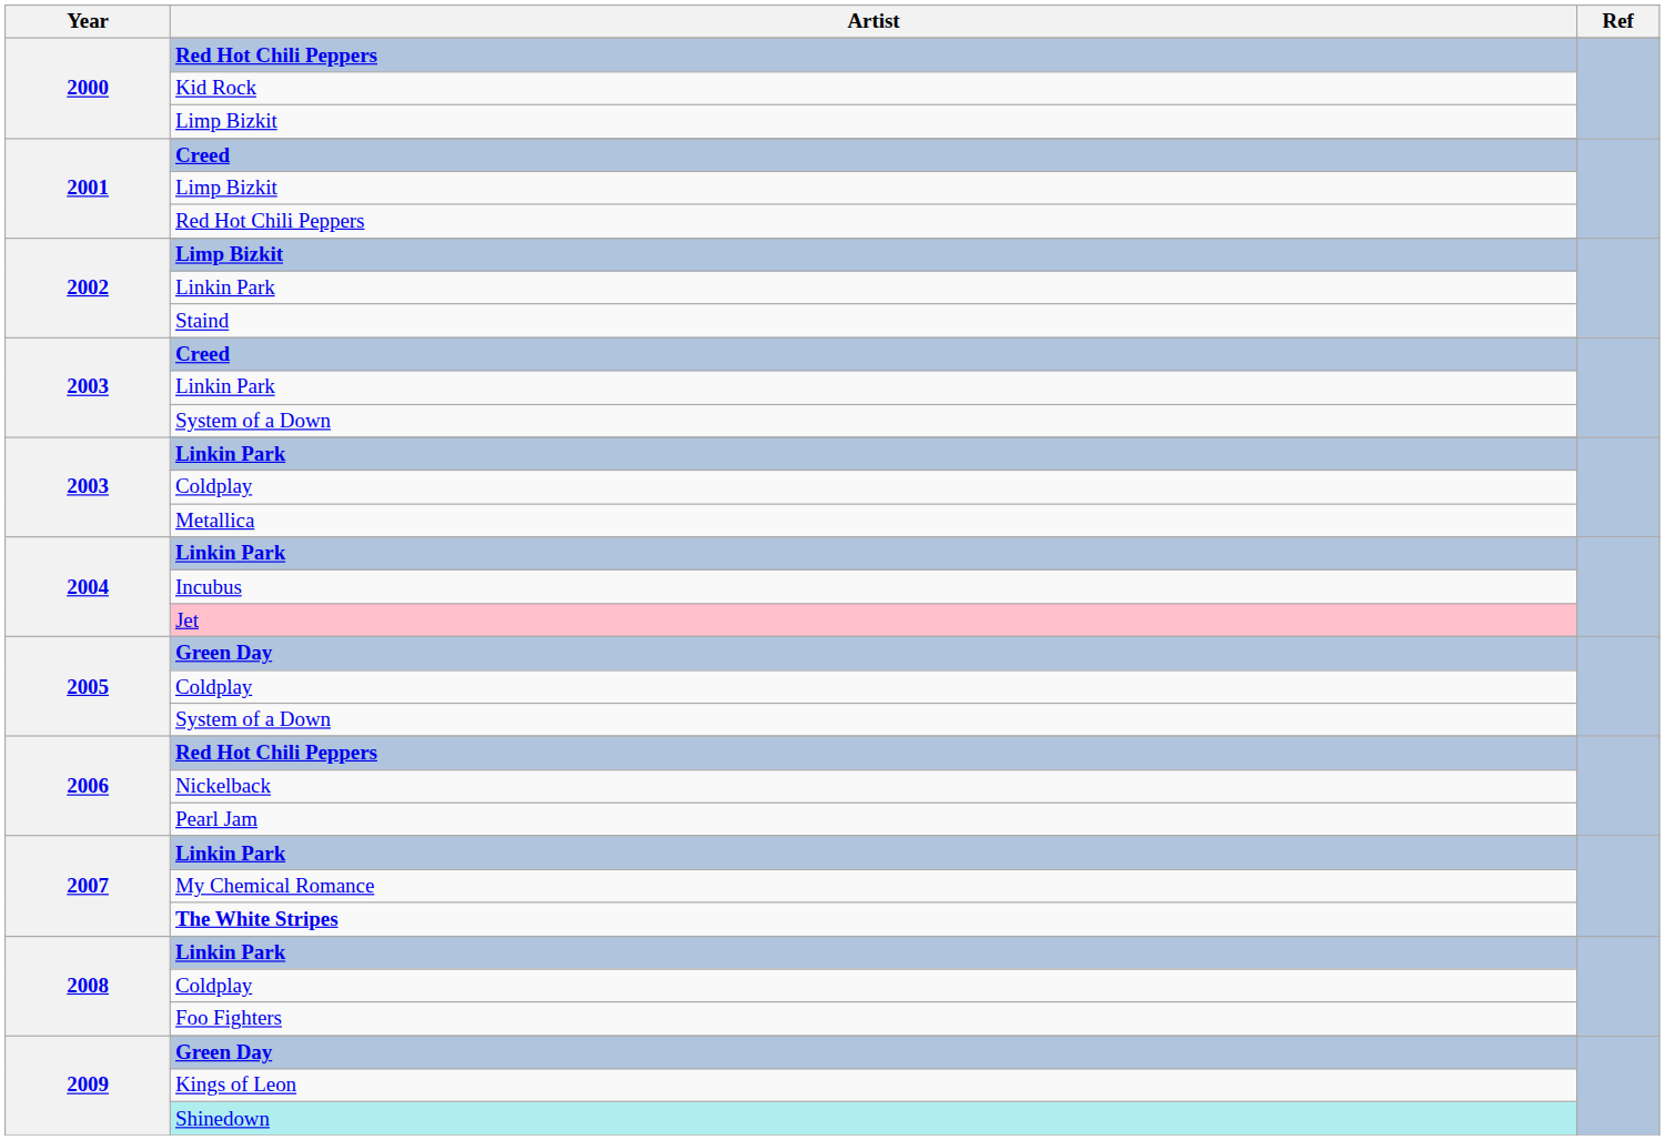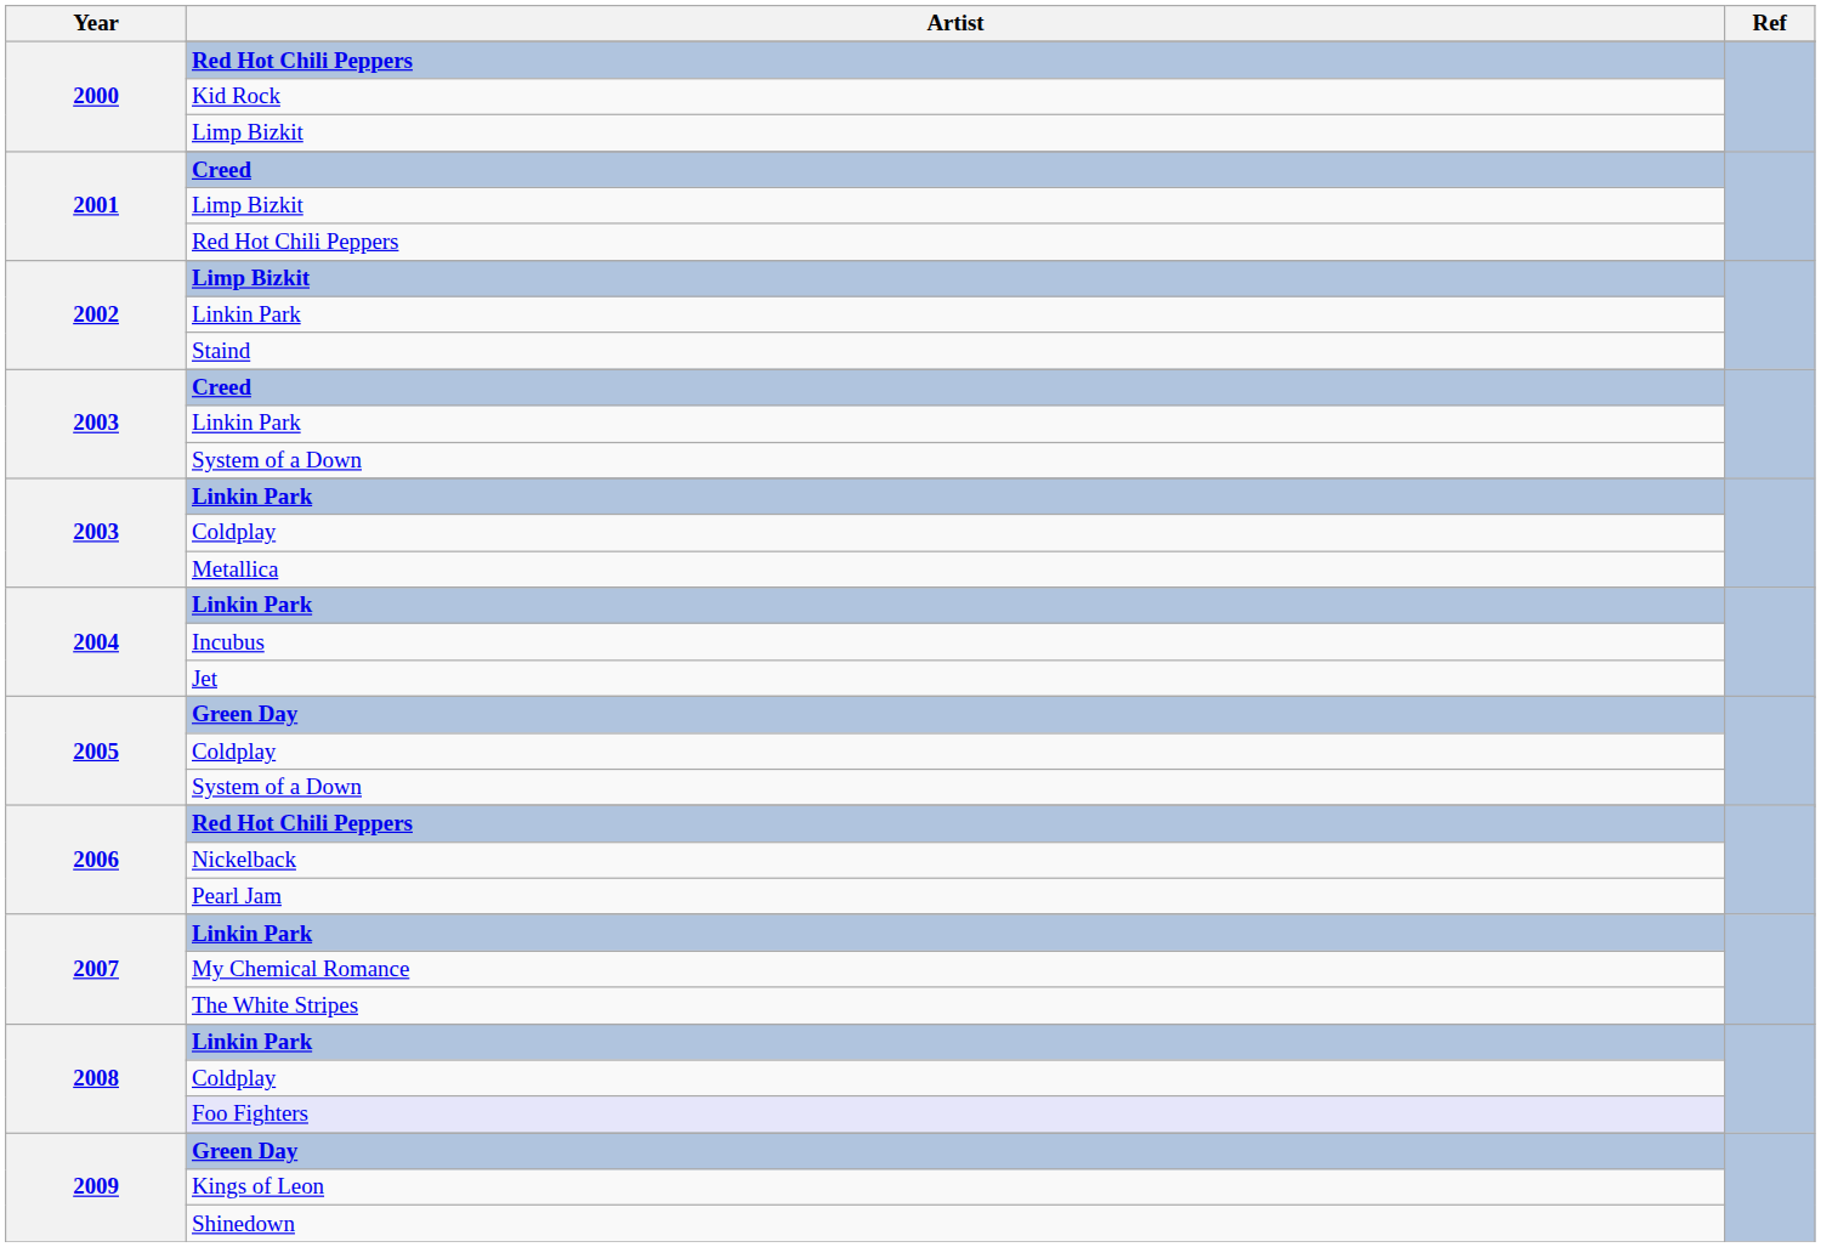 <table class="wikitable" width="100%">
 <tr>
 <th width="10%">Year</th>
 <th width="85%">Artist</th>
 <th width="5%">Ref</th>
 </tr>
 <tr>
 <th rowspan="4" align="center"><a href='#'>2000<br></a></th>
 </tr>
 <tr style="background:#B0C4DE">
 <td><strong><a href='#'>Red Hot Chili Peppers</a></strong></td>
 <td rowspan="4" align="center"></td>
 </tr>
 <tr>
 <td><a href='#'>Kid Rock</a></td>
 </tr>
 <tr>
 <td><a href='#'>Limp Bizkit</a></td>
 </tr>
 <tr>
 <th rowspan="4" align="center"><a href='#'>2001<br></a></th>
 </tr>
 <tr style="background:#B0C4DE">
 <td><strong><a href='#'>Creed</a></strong></td>
 <td rowspan="4" align="center"></td>
 </tr>
 <tr>
 <td><a href='#'>Limp Bizkit</a></td>
 </tr>
 <tr>
 <td><a href='#'>Red Hot Chili Peppers</a></td>
 </tr>
 <tr>
 <th rowspan="4" align="center"><a href='#'>2002<br></a></th>
 </tr>
 <tr style="background:#B0C4DE">
 <td><strong><a href='#'>Limp Bizkit</a></strong></td>
 <td rowspan="4" align="center"></td>
 </tr>
 <tr>
 <td><a href='#'>Linkin Park</a></td>
 </tr>
 <tr>
 <td><a href='#'>Staind</a></td>
 </tr>
 <tr>
 <th rowspan="4" align="center"><a href='#'>2003<br></a></th>
 </tr>
 <tr style="background:#B0C4DE">
 <td><strong><a href='#'>Creed</a></strong></td>
 <td rowspan="4" align="center"></td>
 </tr>
 <tr>
 <td><a href='#'>Linkin Park</a></td>
 </tr>
 <tr>
 <td><a href='#'>System of a Down</a></td>
 </tr>
 <tr>
 <th rowspan="4" align="center"><a href='#'>2003<br></a></th>
 </tr>
 <tr style="background:#B0C4DE">
 <td><strong><a href='#'>Linkin Park</a></strong></td>
 <td rowspan="4" align="center"></td>
 </tr>
 <tr>
 <td><a href='#'>Coldplay</a></td>
 </tr>
 <tr>
 <td><a href='#'>Metallica</a></td>
 </tr>
 <tr>
 <th rowspan="4" align="center"><a href='#'>2004<br></a></th>
 </tr>
 <tr style="background:#B0C4DE">
 <td><strong><a href='#'>Linkin Park</a></strong></td>
 <td rowspan="4" align="center"></td>
 </tr>
 <tr>
 <td><a href='#'>Incubus</a></td>
 </tr>
 <tr>
-<td style="background: pink;"><a href='#'>Jet</a></td>
+<td><a href='#'>Jet</a></td>
 </tr>
 <tr>
 <th rowspan="4" align="center"><a href='#'>2005<br></a></th>
 </tr>
 <tr style="background:#B0C4DE">
 <td><strong><a href='#'>Green Day</a></strong></td>
 <td rowspan="4" align="center"></td>
 </tr>
 <tr>
 <td><a href='#'>Coldplay</a></td>
 </tr>
 <tr>
 <td><a href='#'>System of a Down</a></td>
 </tr>
 <tr>
 <th rowspan="4" align="center"><a href='#'>2006<br></a></th>
 </tr>
 <tr style="background:#B0C4DE">
 <td><strong><a href='#'>Red Hot Chili Peppers</a></strong></td>
 <td rowspan="4" align="center"></td>
 </tr>
 <tr>
 <td><a href='#'>Nickelback</a></td>
 </tr>
 <tr>
 <td><a href='#'>Pearl Jam</a></td>
 </tr>
 <tr>
 <th rowspan="4" align="center"><a href='#'>2007<br></a></th>
 </tr>
 <tr style="background:#B0C4DE">
 <td><strong><a href='#'>Linkin Park</a></strong></td>
 <td rowspan="4" align="center"></td>
 </tr>
 <tr>
 <td><a href='#'>My Chemical Romance</a></td>
 </tr>
 <tr>
-<td><strong><a href='#'>The White Stripes</a></strong></td>
+<td><a href='#'>The White Stripes</a></td>
 </tr>
 <tr>
 <th rowspan="4" align="center"><a href='#'>2008<br></a></th>
 </tr>
 <tr style="background:#B0C4DE">
 <td><strong><a href='#'>Linkin Park</a></strong></td>
 <td rowspan="4" align="center"></td>
 </tr>
 <tr>
 <td><a href='#'>Coldplay</a></td>
 </tr>
 <tr>
-<td><a href='#'>Foo Fighters</a></td>
+<td style="background: lavender;"><a href='#'>Foo Fighters</a></td>
 </tr>
 <tr>
 <th rowspan="4" align="center"><a href='#'>2009<br></a></th>
 </tr>
 <tr style="background:#B0C4DE">
 <td><strong><a href='#'>Green Day</a></strong></td>
 <td rowspan="4" align="center"></td>
 </tr>
 <tr>
 <td><a href='#'>Kings of Leon</a></td>
 </tr>
 <tr>
-<td style="background: paleturquoise;"><a href='#'>Shinedown</a></td>
+<td><a href='#'>Shinedown</a></td>
 </tr>
 </table>
